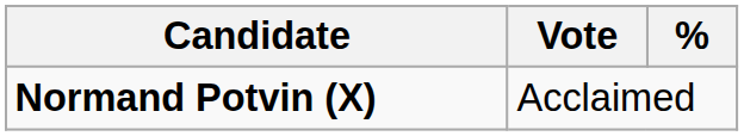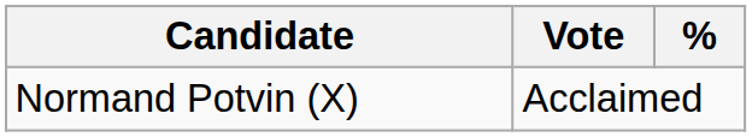 <table class="wikitable">
 <tr>
 <th bgcolor="#DDDDFF" width="200px">Candidate</th>
 <th bgcolor="#DDDDFF" width="50px">Vote</th>
 <th bgcolor="#DDDDFF" width="30px">%</th>
 </tr>
 <tr>
-<td><strong>Normand Potvin (X)</strong></td>
+<td>Normand Potvin (X)</td>
 <td colspan="2">Acclaimed</td>
 </tr>
 </table>
